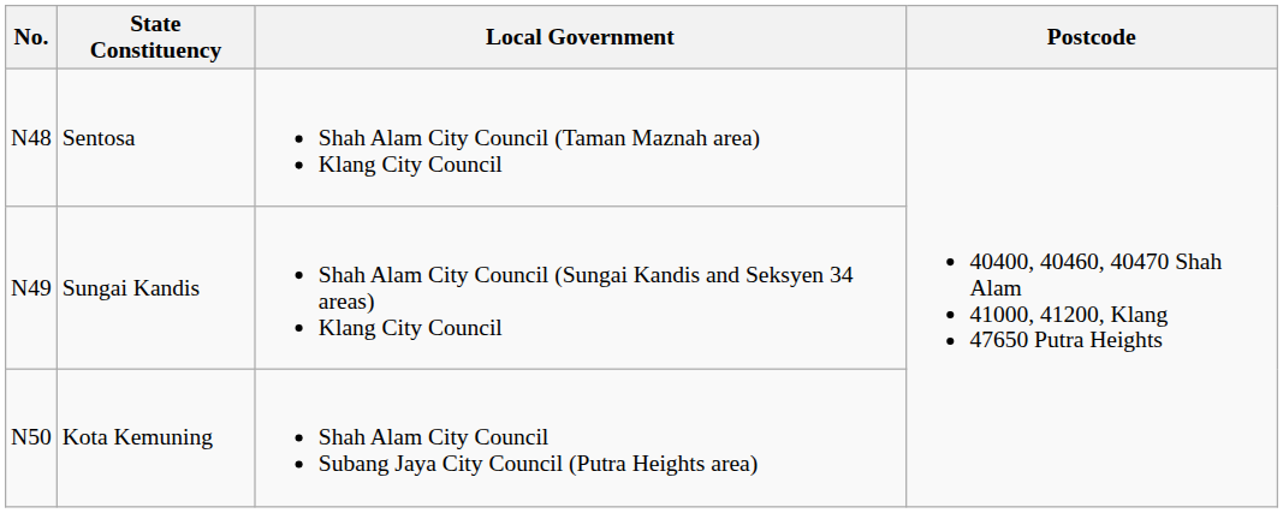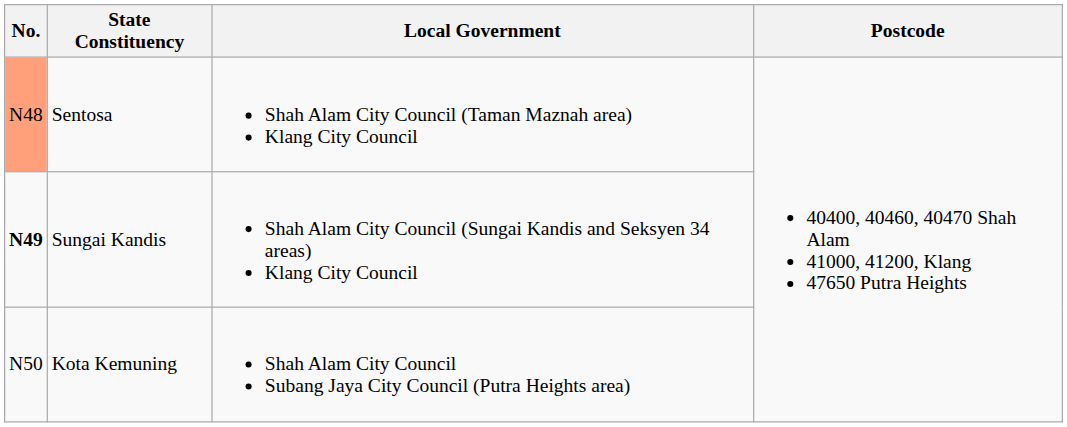 <table class="wikitable">
 <tr>
 <th>No.</th>
 <th>State Constituency</th>
 <th>Local Government</th>
 <th>Postcode</th>
 </tr>
 <tr>
-<td>N48</td>
+<td style="background: lightsalmon;">N48</td>
 <td>Sentosa</td>
 <td><br><ul><li>Shah Alam City Council (Taman Maznah area)</li><li>Klang City Council</li></ul></td>
 <td rowspan="3"><br><ul><li>40400, 40460, 40470 Shah Alam</li><li>41000, 41200,  Klang</li><li>47650 Putra Heights</li></ul></td>
 </tr>
 <tr>
-<td>N49</td>
+<td><strong>N49</strong></td>
 <td>Sungai Kandis</td>
 <td><br><ul><li>Shah Alam City Council (Sungai Kandis and Seksyen 34 areas)</li><li>Klang City Council</li></ul></td>
 </tr>
 <tr>
 <td>N50</td>
 <td>Kota Kemuning</td>
 <td><br><ul><li>Shah Alam City Council</li><li>Subang Jaya City Council (Putra Heights area)</li></ul></td>
 </tr>
 </table>
